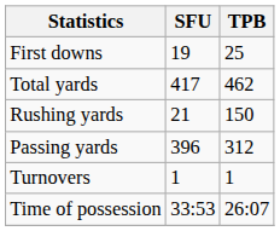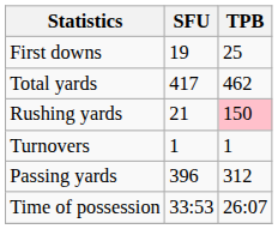 <table class="wikitable" style="float: left;">
 <tr>
 <th>Statistics</th>
 <th>SFU</th>
 <th>TPB</th>
 </tr>
 <tr>
 <td>First downs</td>
 <td>19</td>
 <td>25</td>
 </tr>
 <tr>
 <td>Total yards</td>
 <td>417</td>
 <td>462</td>
 </tr>
 <tr>
 <td>Rushing yards</td>
 <td>21</td>
-<td>150</td>
+<td style="background: pink;">150</td>
+</tr>
+<tr>
+<td>Turnovers</td>
+<td>1</td>
+<td>1</td>
 </tr>
 <tr>
 <td>Passing yards</td>
 <td>396</td>
 <td>312</td>
-</tr>
-<tr>
-<td>Turnovers</td>
-<td>1</td>
-<td>1</td>
 </tr>
 <tr>
 <td>Time of possession</td>
 <td>33:53</td>
 <td>26:07</td>
 </tr>
 <tr>
 </tr>
 </table>
